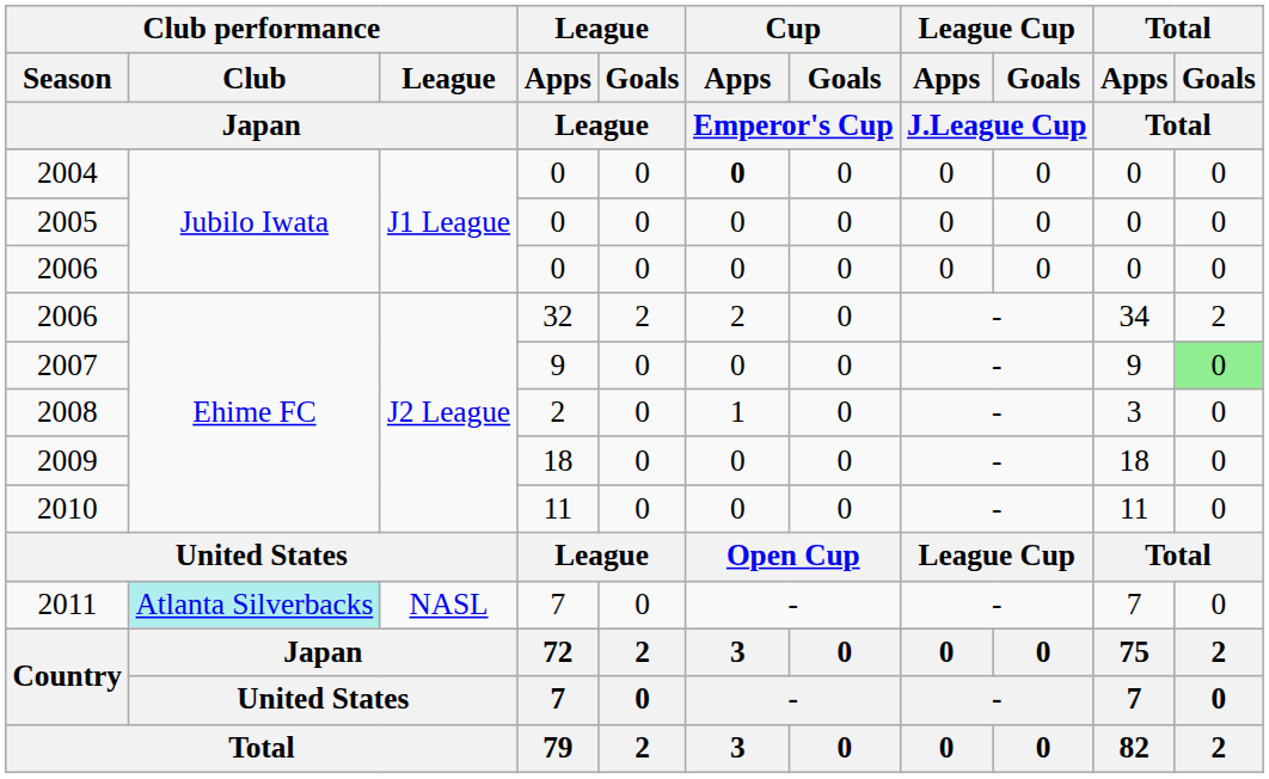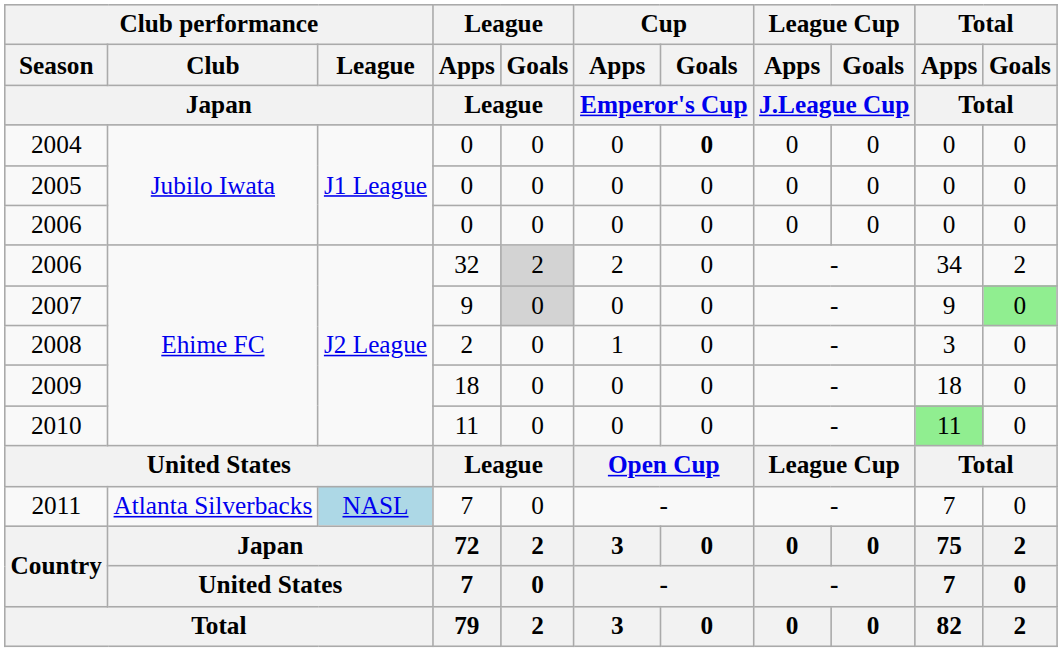 <table class="wikitable" style="text-align:center;">
 <tr>
 <th colspan=3>Club performance</th>
 <th colspan=2>League</th>
 <th colspan=2>Cup</th>
 <th colspan=2>League Cup</th>
 <th colspan=2>Total</th>
 </tr>
 <tr>
 <th>Season</th>
 <th>Club</th>
 <th>League</th>
 <th>Apps</th>
 <th>Goals</th>
 <th>Apps</th>
 <th>Goals</th>
 <th>Apps</th>
 <th>Goals</th>
 <th>Apps</th>
 <th>Goals</th>
 </tr>
 <tr>
 <th colspan=3>Japan</th>
 <th colspan=2>League</th>
 <th colspan=2><a href='#'>Emperor's Cup</a></th>
 <th colspan=2><a href='#'>J.League Cup</a></th>
 <th colspan=2>Total</th>
 </tr>
 <tr>
 <td>2004</td>
 <td rowspan="3"><a href='#'>Jubilo Iwata</a></td>
 <td rowspan="3"><a href='#'>J1 League</a></td>
 <td>0</td>
 <td>0</td>
+<td>0</td>
 <td><strong>0</strong></td>
-<td>0</td>
 <td>0</td>
 <td>0</td>
 <td>0</td>
 <td>0</td>
 </tr>
 <tr>
 <td>2005</td>
 <td>0</td>
 <td>0</td>
 <td>0</td>
 <td>0</td>
 <td>0</td>
 <td>0</td>
 <td>0</td>
 <td>0</td>
 </tr>
 <tr>
 <td>2006</td>
 <td>0</td>
 <td>0</td>
 <td>0</td>
 <td>0</td>
 <td>0</td>
 <td>0</td>
 <td>0</td>
 <td>0</td>
 </tr>
 <tr>
 <td>2006</td>
 <td rowspan="5"><a href='#'>Ehime FC</a></td>
 <td rowspan="5"><a href='#'>J2 League</a></td>
 <td>32</td>
-<td>2</td>
+<td style="background: lightgrey;">2</td>
 <td>2</td>
 <td>0</td>
 <td colspan="2">-</td>
 <td>34</td>
 <td>2</td>
 </tr>
 <tr>
 <td>2007</td>
 <td>9</td>
-<td>0</td>
+<td style="background: lightgrey;">0</td>
 <td>0</td>
 <td>0</td>
 <td colspan="2">-</td>
 <td>9</td>
 <td style="background: lightgreen;">0</td>
 </tr>
 <tr>
 <td>2008</td>
 <td>2</td>
 <td>0</td>
 <td>1</td>
 <td>0</td>
 <td colspan="2">-</td>
 <td>3</td>
 <td>0</td>
 </tr>
 <tr>
 <td>2009</td>
 <td>18</td>
 <td>0</td>
 <td>0</td>
 <td>0</td>
 <td colspan="2">-</td>
 <td>18</td>
 <td>0</td>
 </tr>
 <tr>
 <td>2010</td>
 <td>11</td>
 <td>0</td>
 <td>0</td>
 <td>0</td>
 <td colspan="2">-</td>
-<td>11</td>
+<td style="background: lightgreen;">11</td>
 <td>0</td>
 </tr>
 <tr>
 <th colspan=3>United States</th>
 <th colspan=2>League</th>
 <th colspan=2><a href='#'>Open Cup</a></th>
 <th colspan=2>League Cup</th>
 <th colspan=2>Total</th>
 </tr>
 <tr>
 <td>2011</td>
-<td style="background: paleturquoise;"><a href='#'>Atlanta Silverbacks</a></td>
-<td><a href='#'>NASL</a></td>
+<td><a href='#'>Atlanta Silverbacks</a></td>
+<td style="background: lightblue;"><a href='#'>NASL</a></td>
 <td>7</td>
 <td>0</td>
 <td colspan="2">-</td>
 <td colspan="2">-</td>
 <td>7</td>
 <td>0</td>
 </tr>
 <tr>
 <th rowspan=2>Country</th>
 <th colspan=2>Japan</th>
 <th>72</th>
 <th>2</th>
 <th>3</th>
 <th>0</th>
 <th>0</th>
 <th>0</th>
 <th>75</th>
 <th>2</th>
 </tr>
 <tr>
 <th colspan=2>United States</th>
 <th>7</th>
 <th>0</th>
 <th colspan="2">-</th>
 <th colspan="2">-</th>
 <th>7</th>
 <th>0</th>
 </tr>
 <tr>
 <th colspan=3>Total</th>
 <th>79</th>
 <th>2</th>
 <th>3</th>
 <th>0</th>
 <th>0</th>
 <th>0</th>
 <th>82</th>
 <th>2</th>
 </tr>
 </table>
